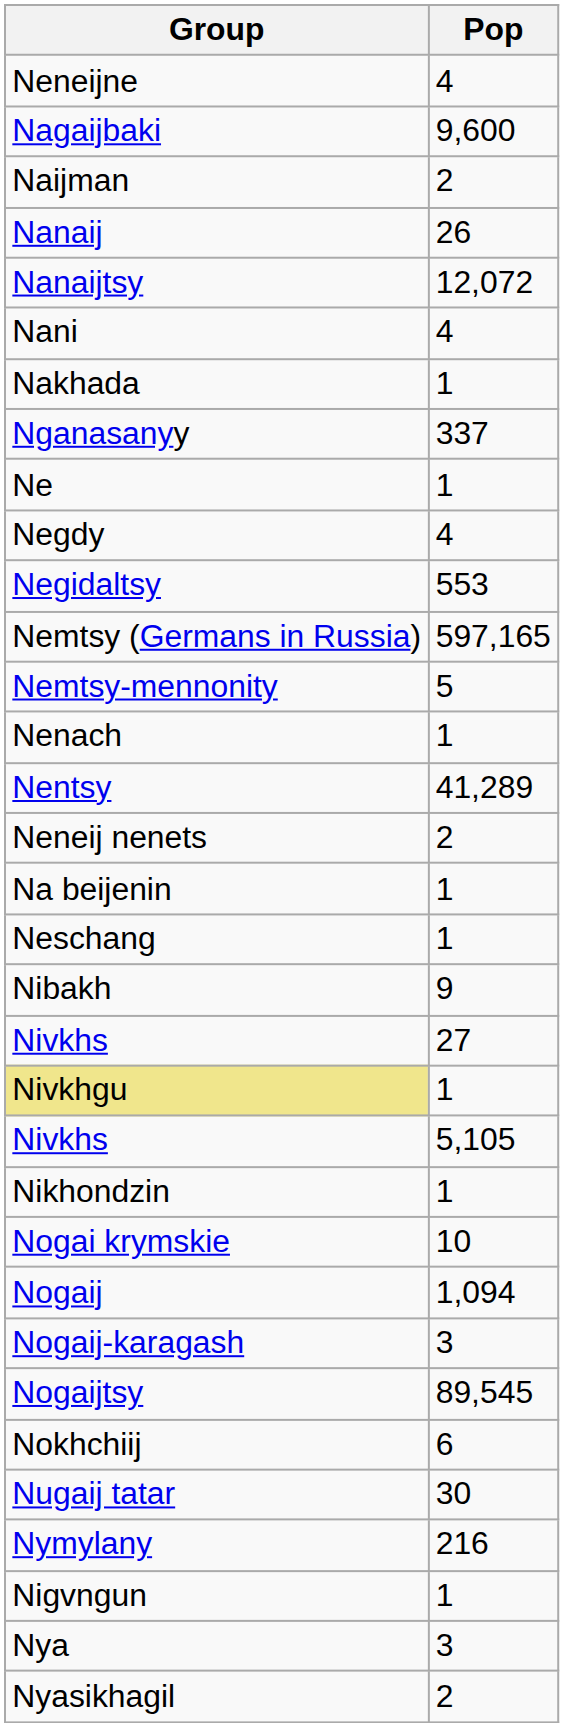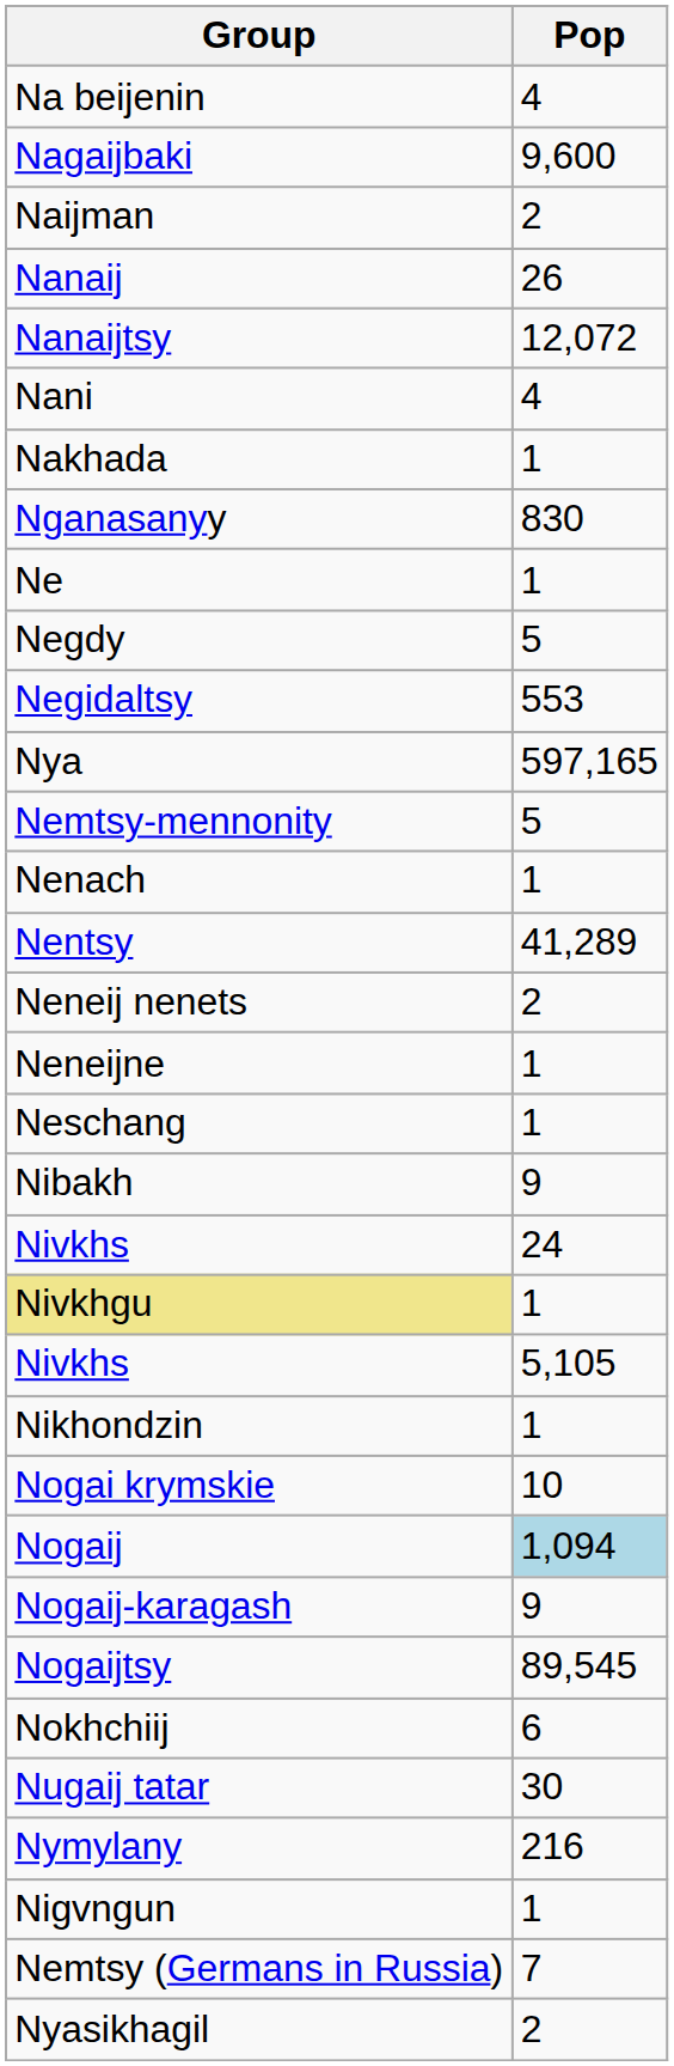 <table class = "wikitable sortable">
 <tr>
 <th>Group</th>
 <th>Pop</th>
 </tr>
 <tr>
-<td>Neneijne</td>
+<td>Na beijenin</td>
 <td>4</td>
 </tr>
 <tr>
 <td><a href='#'>Nagaijbaki</a></td>
 <td>9,600</td>
 </tr>
 <tr>
 <td>Naijman</td>
 <td>2</td>
 </tr>
 <tr>
 <td><a href='#'>Nanaij</a></td>
 <td>26</td>
 </tr>
 <tr>
 <td><a href='#'>Nanaijtsy</a></td>
 <td>12,072</td>
 </tr>
 <tr>
 <td>Nani</td>
 <td>4</td>
 </tr>
 <tr>
 <td>Nakhada</td>
 <td>1</td>
 </tr>
 <tr>
 <td><a href='#'>Nganasany</a>y</td>
-<td>337</td>
+<td>830</td>
 </tr>
 <tr>
 <td>Ne</td>
 <td>1</td>
 </tr>
 <tr>
 <td>Negdy</td>
-<td>4</td>
+<td>5</td>
 </tr>
 <tr>
 <td><a href='#'>Negidaltsy</a></td>
 <td>553</td>
 </tr>
 <tr>
-<td>Nemtsy (<a href='#'>Germans in Russia</a>)</td>
+<td>Nya</td>
 <td>597,165</td>
 </tr>
 <tr>
 <td><a href='#'>Nemtsy-mennonity</a></td>
 <td>5</td>
 </tr>
 <tr>
 <td>Nenach</td>
 <td>1</td>
 </tr>
 <tr>
 <td><a href='#'>Nentsy</a></td>
 <td>41,289</td>
 </tr>
 <tr>
 <td>Neneij nenets</td>
 <td>2</td>
 </tr>
 <tr>
-<td>Na beijenin</td>
+<td>Neneijne</td>
 <td>1</td>
 </tr>
 <tr>
 <td>Neschang</td>
 <td>1</td>
 </tr>
 <tr>
 <td>Nibakh</td>
 <td>9</td>
 </tr>
 <tr>
 <td><a href='#'>Nivkhs</a></td>
-<td>27</td>
+<td>24</td>
 </tr>
 <tr>
 <td style="background: khaki;">Nivkhgu</td>
 <td>1</td>
 </tr>
 <tr>
 <td><a href='#'>Nivkhs</a></td>
 <td>5,105</td>
 </tr>
 <tr>
 <td>Nikhondzin</td>
 <td>1</td>
 </tr>
 <tr>
 <td><a href='#'>Nogai krymskie</a></td>
 <td>10</td>
 </tr>
 <tr>
 <td><a href='#'>Nogaij</a></td>
-<td>1,094</td>
+<td style="background: lightblue;">1,094</td>
 </tr>
 <tr>
 <td><a href='#'>Nogaij-karagash</a></td>
-<td>3</td>
+<td>9</td>
 </tr>
 <tr>
 <td><a href='#'>Nogaijtsy</a></td>
 <td>89,545</td>
 </tr>
 <tr>
 <td>Nokhchiij</td>
 <td>6</td>
 </tr>
 <tr>
 <td><a href='#'>Nugaij tatar</a></td>
 <td>30</td>
 </tr>
 <tr>
 <td><a href='#'>Nymylany</a></td>
 <td>216</td>
 </tr>
 <tr>
 <td>Nigvngun</td>
 <td>1</td>
 </tr>
 <tr>
-<td>Nya</td>
-<td>3</td>
+<td>Nemtsy (<a href='#'>Germans in Russia</a>)</td>
+<td>7</td>
 </tr>
 <tr>
 <td>Nyasikhagil</td>
 <td>2</td>
 </tr>
 </table>
